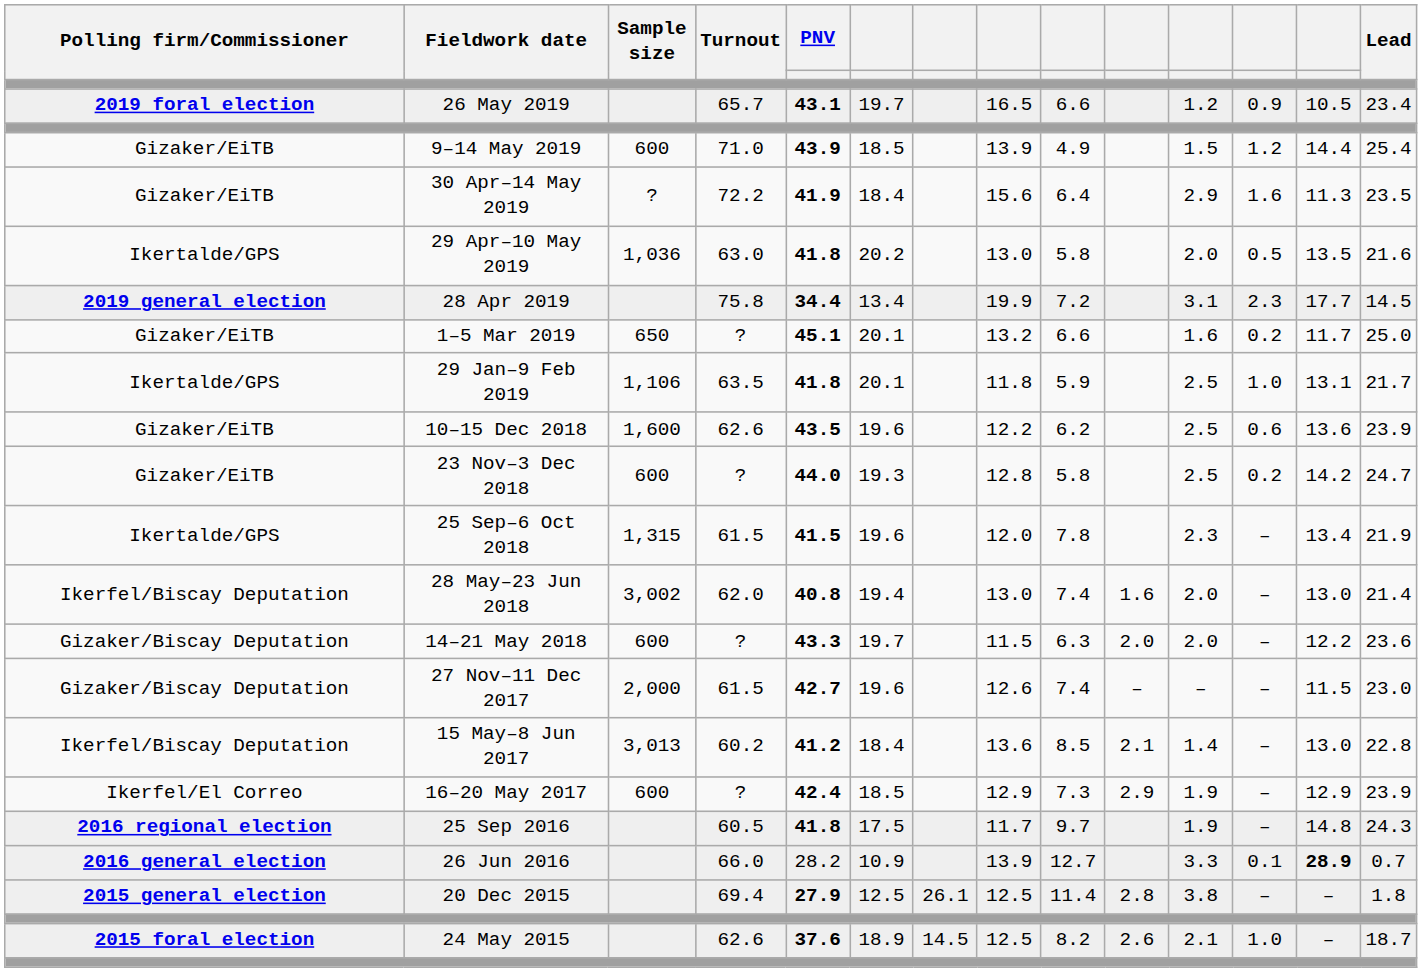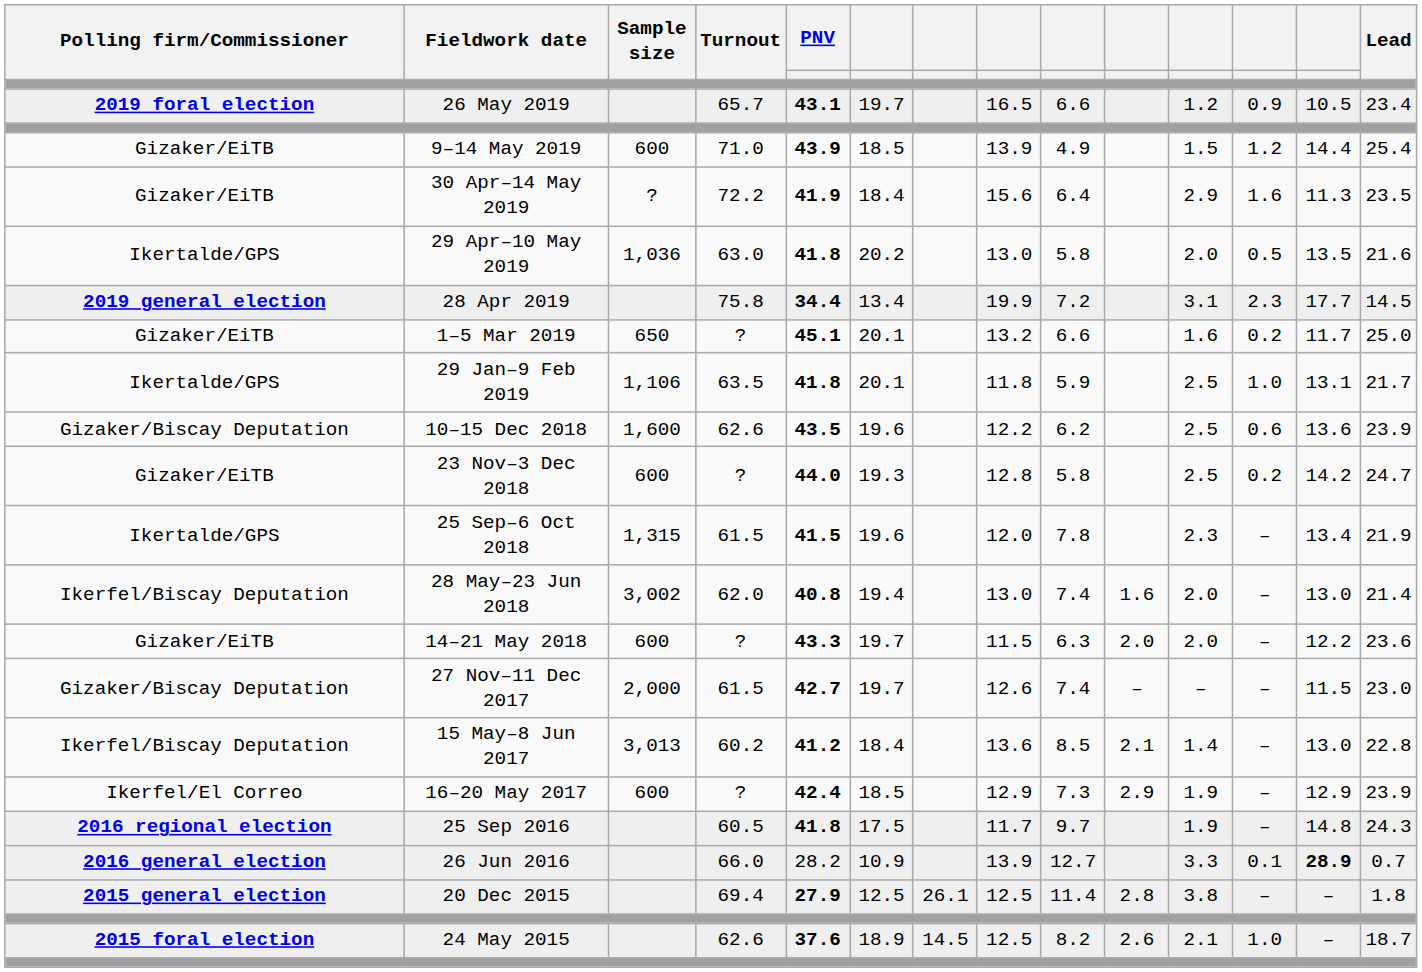 <table class="wikitable collapsible collapsed" style="text-align:center; font-size:95%; line-height:16px;">
 <tr style="height:42px;">
 <th style="width:250px;" rowspan="2">Polling firm/Commissioner</th>
 <th style="width:125px;" rowspan="2">Fieldwork date</th>
 <th style="width:50px;" rowspan="2">Sample size</th>
 <th style="width:45px;" rowspan="2">Turnout</th>
 <th style="width:35px;"><a href='#'>PNV</a></th>
 <th style="width:35px;"></th>
 <th style="width:35px;"></th>
 <th style="width:35px;"></th>
 <th style="width:35px;"></th>
 <th style="width:35px;"></th>
 <th style="width:35px;"></th>
 <th style="width:35px;"></th>
 <th style="width:35px;"></th>
 <th style="width:30px;" rowspan="2">Lead</th>
 </tr>
 <tr>
 <th style="color:inherit;background:"></th>
 <th style="color:inherit;background:"></th>
 <th style="color:inherit;background:"></th>
 <th style="color:inherit;background:"></th>
 <th style="color:inherit;background:"></th>
 <th style="color:inherit;background:"></th>
 <th style="color:inherit;background:"></th>
 <th style="color:inherit;background:"></th>
 <th style="color:inherit;background:"></th>
 </tr>
 <tr>
 <td colspan="14" style="background:#A0A0A0"></td>
 </tr>
 <tr style="background:#EFEFEF;">
 <td><strong><a href='#'>2019 foral election</a></strong></td>
 <td>26 May 2019</td>
 <td></td>
 <td>65.7</td>
 <td><strong>43.1</strong><br></td>
 <td>19.7<br></td>
 <td></td>
 <td>16.5<br></td>
 <td>6.6<br></td>
 <td></td>
 <td>1.2<br></td>
 <td>0.9<br></td>
 <td>10.5<br></td>
 <td style="background:">23.4</td>
 </tr>
 <tr>
 <td colspan="14" style="background:#A0A0A0"></td>
 </tr>
 <tr>
 <td>Gizaker/EiTB</td>
 <td>9–14 May 2019</td>
 <td>600</td>
 <td>71.0</td>
 <td><strong>43.9</strong></td>
 <td>18.5</td>
 <td></td>
 <td>13.9</td>
 <td>4.9</td>
 <td></td>
 <td>1.5</td>
 <td>1.2</td>
 <td>14.4</td>
 <td style="background:">25.4</td>
 </tr>
 <tr>
 <td>Gizaker/EiTB</td>
 <td>30 Apr–14 May 2019</td>
 <td>?</td>
 <td>72.2</td>
 <td><strong>41.9</strong><br></td>
 <td>18.4<br></td>
 <td></td>
 <td>15.6<br></td>
 <td>6.4<br></td>
 <td></td>
 <td>2.9<br></td>
 <td>1.6<br></td>
 <td>11.3<br></td>
 <td style="background:">23.5</td>
 </tr>
 <tr>
 <td>Ikertalde/GPS</td>
 <td>29 Apr–10 May 2019</td>
 <td>1,036</td>
 <td>63.0</td>
 <td><strong>41.8</strong></td>
 <td>20.2</td>
 <td></td>
 <td>13.0</td>
 <td>5.8</td>
 <td></td>
 <td>2.0</td>
 <td>0.5</td>
 <td>13.5</td>
 <td style="background:">21.6</td>
 </tr>
 <tr style="background:#EFEFEF;">
 <td><strong><a href='#'>2019 general election</a></strong></td>
 <td>28 Apr 2019</td>
 <td></td>
 <td>75.8</td>
 <td><strong>34.4</strong></td>
 <td>13.4</td>
 <td></td>
 <td>19.9</td>
 <td>7.2</td>
 <td></td>
 <td>3.1</td>
 <td>2.3</td>
 <td>17.7</td>
 <td style="background:">14.5</td>
 </tr>
 <tr>
 <td>Gizaker/EiTB</td>
 <td>1–5 Mar 2019</td>
 <td>650</td>
 <td>?</td>
 <td><strong>45.1</strong></td>
 <td>20.1</td>
 <td></td>
 <td>13.2</td>
 <td>6.6</td>
 <td></td>
 <td>1.6</td>
 <td>0.2</td>
 <td>11.7</td>
 <td style="background:">25.0</td>
 </tr>
 <tr>
 <td>Ikertalde/GPS</td>
 <td>29 Jan–9 Feb 2019</td>
 <td>1,106</td>
 <td>63.5</td>
 <td><strong>41.8</strong></td>
 <td>20.1</td>
 <td></td>
 <td>11.8</td>
 <td>5.9</td>
 <td></td>
 <td>2.5</td>
 <td>1.0</td>
 <td>13.1</td>
 <td style="background:">21.7</td>
 </tr>
 <tr>
-<td>Gizaker/EiTB</td>
+<td>Gizaker/Biscay Deputation</td>
 <td>10–15 Dec 2018</td>
 <td>1,600</td>
 <td>62.6</td>
 <td><strong>43.5</strong><br></td>
 <td>19.6<br></td>
 <td></td>
 <td>12.2<br></td>
 <td>6.2<br></td>
 <td></td>
 <td>2.5<br></td>
 <td>0.6<br></td>
 <td>13.6<br></td>
 <td style="background:">23.9</td>
 </tr>
 <tr>
 <td>Gizaker/EiTB</td>
 <td>23 Nov–3 Dec 2018</td>
 <td>600</td>
 <td>?</td>
 <td><strong>44.0</strong></td>
 <td>19.3</td>
 <td></td>
 <td>12.8</td>
 <td>5.8</td>
 <td></td>
 <td>2.5</td>
 <td>0.2</td>
 <td>14.2</td>
 <td style="background:">24.7</td>
 </tr>
 <tr>
 <td>Ikertalde/GPS</td>
 <td>25 Sep–6 Oct 2018</td>
 <td>1,315</td>
 <td>61.5</td>
 <td><strong>41.5</strong></td>
 <td>19.6</td>
 <td></td>
 <td>12.0</td>
 <td>7.8</td>
 <td></td>
 <td>2.3</td>
 <td>–</td>
 <td>13.4</td>
 <td style="background:">21.9</td>
 </tr>
 <tr>
 <td>Ikerfel/Biscay Deputation</td>
 <td>28 May–23 Jun 2018</td>
 <td>3,002</td>
 <td>62.0</td>
 <td><strong>40.8</strong><br></td>
 <td>19.4<br></td>
 <td></td>
 <td>13.0<br></td>
 <td>7.4<br></td>
 <td>1.6<br></td>
 <td>2.0<br></td>
 <td>–</td>
 <td>13.0<br></td>
 <td style="background:">21.4</td>
 </tr>
 <tr>
-<td>Gizaker/Biscay Deputation</td>
+<td>Gizaker/EiTB</td>
 <td>14–21 May 2018</td>
 <td>600</td>
 <td>?</td>
 <td><strong>43.3</strong></td>
 <td>19.7</td>
 <td></td>
 <td>11.5</td>
 <td>6.3</td>
 <td>2.0</td>
 <td>2.0</td>
 <td>–</td>
 <td>12.2</td>
 <td style="background:">23.6</td>
 </tr>
 <tr>
 <td>Gizaker/Biscay Deputation</td>
 <td>27 Nov–11 Dec 2017</td>
 <td>2,000</td>
 <td>61.5</td>
 <td><strong>42.7</strong><br></td>
-<td>19.6<br></td>
+<td>19.7<br></td>
 <td></td>
 <td>12.6<br></td>
 <td>7.4<br></td>
 <td>–</td>
 <td>–</td>
 <td>–</td>
 <td>11.5<br></td>
 <td style="background:">23.0</td>
 </tr>
 <tr>
 <td>Ikerfel/Biscay Deputation</td>
 <td>15 May–8 Jun 2017</td>
 <td>3,013</td>
 <td>60.2</td>
 <td><strong>41.2</strong><br></td>
 <td>18.4<br></td>
 <td></td>
 <td>13.6<br></td>
 <td>8.5<br></td>
 <td>2.1<br></td>
 <td>1.4<br></td>
 <td>–</td>
 <td>13.0<br></td>
 <td style="background:">22.8</td>
 </tr>
 <tr>
 <td>Ikerfel/El Correo</td>
 <td>16–20 May 2017</td>
 <td>600</td>
 <td>?</td>
 <td><strong>42.4</strong></td>
 <td>18.5</td>
 <td></td>
 <td>12.9</td>
 <td>7.3</td>
 <td>2.9</td>
 <td>1.9</td>
 <td>–</td>
 <td>12.9</td>
 <td style="background:">23.9</td>
 </tr>
 <tr style="background:#EFEFEF;">
 <td><strong><a href='#'>2016 regional election</a></strong></td>
 <td>25 Sep 2016</td>
 <td></td>
 <td>60.5</td>
 <td><strong>41.8</strong></td>
 <td>17.5</td>
 <td></td>
 <td>11.7</td>
 <td>9.7</td>
 <td></td>
 <td>1.9</td>
 <td>–</td>
 <td>14.8</td>
 <td style="background:">24.3</td>
 </tr>
 <tr style="background:#EFEFEF;">
 <td><strong><a href='#'>2016 general election</a></strong></td>
 <td>26 Jun 2016</td>
 <td></td>
 <td>66.0</td>
 <td>28.2</td>
 <td>10.9</td>
 <td></td>
 <td>13.9</td>
 <td>12.7</td>
 <td></td>
 <td>3.3</td>
 <td>0.1</td>
 <td><strong>28.9</strong></td>
 <td style="background:">0.7</td>
 </tr>
 <tr style="background:#EFEFEF;">
 <td><strong><a href='#'>2015 general election</a></strong></td>
 <td>20 Dec 2015</td>
 <td></td>
 <td>69.4</td>
 <td><strong>27.9</strong></td>
 <td>12.5</td>
 <td>26.1</td>
 <td>12.5</td>
 <td>11.4</td>
 <td>2.8</td>
 <td>3.8</td>
 <td>–</td>
 <td>–</td>
 <td style="background:">1.8</td>
 </tr>
 <tr>
 <td colspan="14" style="background:#A0A0A0"></td>
 </tr>
 <tr style="background:#EFEFEF;">
 <td><strong><a href='#'>2015 foral election</a></strong></td>
 <td>24 May 2015</td>
 <td></td>
 <td>62.6</td>
 <td><strong>37.6</strong><br></td>
 <td>18.9<br></td>
 <td>14.5<br></td>
 <td>12.5<br></td>
 <td>8.2<br></td>
 <td>2.6<br></td>
 <td>2.1<br></td>
 <td>1.0</td>
 <td>–</td>
 <td style="background:">18.7</td>
 </tr>
 <tr>
 <td colspan="14" style="background:#A0A0A0"></td>
 </tr>
 </table>
